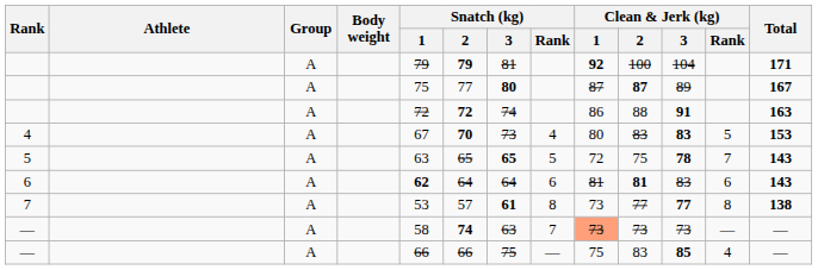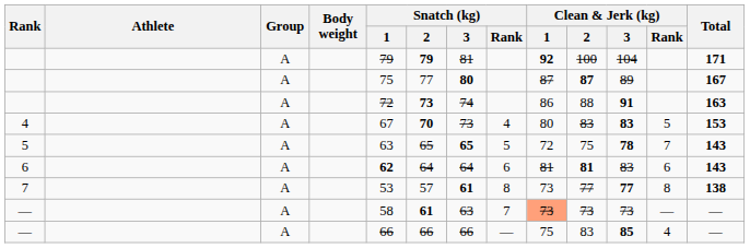 <table class = "wikitable" style="text-align:center;">
 <tr>
 <th rowspan=2 width=40>Rank</th>
 <th rowspan=2 width=250>Athlete</th>
 <th rowspan=2 width=50>Group</th>
 <th rowspan=2 width=60>Body weight</th>
 <th colspan=4>Snatch (kg)</th>
 <th colspan=4>Clean & Jerk (kg)</th>
 <th rowspan=2 width=60>Total</th>
 </tr>
 <tr>
 <th width=40>1</th>
 <th width=40>2</th>
 <th width=40>3</th>
 <th width=40>Rank</th>
 <th width=40>1</th>
 <th width=40>2</th>
 <th width=40>3</th>
 <th width=40>Rank</th>
 </tr>
 <tr>
 <td></td>
 <td align=left></td>
 <td>A</td>
 <td></td>
 <td><s>79</s></td>
 <td><strong>79</strong></td>
 <td><s>81</s></td>
 <td></td>
 <td><strong>92</strong></td>
 <td><s>100</s></td>
 <td><s>104</s></td>
 <td></td>
 <td><strong>171</strong></td>
 </tr>
 <tr>
 <td></td>
 <td align=left></td>
 <td>A</td>
 <td></td>
 <td>75</td>
 <td>77</td>
 <td><strong>80</strong></td>
 <td></td>
 <td><s>87</s></td>
 <td><strong>87</strong></td>
 <td><s>89</s></td>
 <td></td>
 <td><strong>167</strong></td>
 </tr>
 <tr>
 <td></td>
 <td align=left></td>
 <td>A</td>
 <td></td>
 <td><s>72</s></td>
-<td><strong>72</strong></td>
+<td><strong>73</strong></td>
 <td><s>74</s></td>
 <td></td>
 <td>86</td>
 <td>88</td>
 <td><strong>91</strong></td>
 <td></td>
 <td><strong>163</strong></td>
 </tr>
 <tr>
 <td>4</td>
 <td align=left></td>
 <td>A</td>
 <td></td>
 <td>67</td>
 <td><strong>70</strong></td>
 <td><s>73</s></td>
 <td>4</td>
 <td>80</td>
 <td><s>83</s></td>
 <td><strong>83</strong></td>
 <td>5</td>
 <td><strong>153</strong></td>
 </tr>
 <tr>
 <td>5</td>
 <td align=left></td>
 <td>A</td>
 <td></td>
 <td>63</td>
 <td><s>65</s></td>
 <td><strong>65</strong></td>
 <td>5</td>
 <td>72</td>
 <td>75</td>
 <td><strong>78</strong></td>
 <td>7</td>
 <td><strong>143</strong></td>
 </tr>
 <tr>
 <td>6</td>
 <td align=left></td>
 <td>A</td>
 <td></td>
 <td><strong>62</strong></td>
 <td><s>64</s></td>
 <td><s>64</s></td>
 <td>6</td>
 <td><s>81</s></td>
 <td><strong>81</strong></td>
 <td><s>83</s></td>
 <td>6</td>
 <td><strong>143</strong></td>
 </tr>
 <tr>
 <td>7</td>
 <td align=left></td>
 <td>A</td>
 <td></td>
 <td>53</td>
 <td>57</td>
 <td><strong>61</strong></td>
 <td>8</td>
 <td>73</td>
 <td><s>77</s></td>
 <td><strong>77</strong></td>
 <td>8</td>
 <td><strong>138</strong></td>
 </tr>
 <tr>
 <td>—</td>
 <td align=left></td>
 <td>A</td>
 <td></td>
 <td>58</td>
-<td><strong>74</strong></td>
+<td><strong>61</strong></td>
 <td><s>63</s></td>
 <td>7</td>
 <td style="background: lightsalmon;"><s>73</s></td>
 <td><s>73</s></td>
 <td><s>73</s></td>
 <td>—</td>
 <td>—</td>
 </tr>
 <tr>
 <td>—</td>
 <td align=left></td>
 <td>A</td>
 <td></td>
 <td><s>66</s></td>
 <td><s>66</s></td>
-<td><s>75</s></td>
+<td><s>66</s></td>
 <td>—</td>
 <td>75</td>
 <td>83</td>
 <td><strong>85</strong></td>
 <td>4</td>
 <td>—</td>
 </tr>
 </table>
